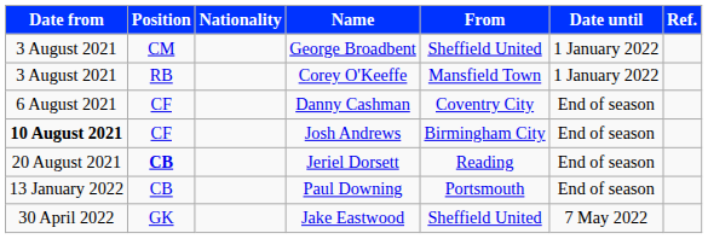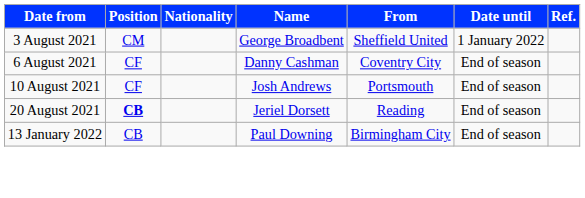 <table class="wikitable"  style="text-align:center; font-size:90%; ">
 <tr>
 <th style="background:#03f;color:#fff;">Date from</th>
 <th style="background:#03f;color:#fff;">Position</th>
 <th style="background:#03f;color:#fff;">Nationality</th>
 <th style="background:#03f;color:#fff;">Name</th>
 <th style="background:#03f;color:#fff;">From</th>
 <th style="background:#03f;color:#fff;">Date until</th>
 <th style="background:#03f;color:#fff;">Ref.</th>
 </tr>
 <tr>
 <td>3 August 2021</td>
 <td><a href='#'>CM</a></td>
 <td></td>
 <td><a href='#'>George Broadbent</a></td>
 <td> <a href='#'>Sheffield United</a></td>
 <td>1 January 2022</td>
 <td></td>
 </tr>
 <tr>
-<td>3 August 2021</td>
-<td><a href='#'>RB</a></td>
-<td></td>
-<td><a href='#'>Corey O'Keeffe</a></td>
-<td> <a href='#'>Mansfield Town</a></td>
-<td>1 January 2022</td>
-<td></td>
-</tr>
-<tr>
 <td>6 August 2021</td>
 <td><a href='#'>CF</a></td>
 <td></td>
 <td><a href='#'>Danny Cashman</a></td>
 <td> <a href='#'>Coventry City</a></td>
 <td>End of season</td>
 <td></td>
 </tr>
 <tr>
-<td><strong>10 August 2021</strong></td>
+<td>10 August 2021</td>
 <td><a href='#'>CF</a></td>
 <td></td>
 <td><a href='#'>Josh Andrews</a></td>
-<td> <a href='#'>Birmingham City</a></td>
+<td> <a href='#'>Portsmouth</a></td>
 <td>End of season</td>
 <td></td>
 </tr>
 <tr>
 <td>20 August 2021</td>
 <td><strong><a href='#'>CB</a></strong></td>
 <td></td>
 <td><a href='#'>Jeriel Dorsett</a></td>
 <td> <a href='#'>Reading</a></td>
 <td>End of season</td>
 <td></td>
 </tr>
 <tr>
 <td>13 January 2022</td>
 <td><a href='#'>CB</a></td>
 <td></td>
 <td><a href='#'>Paul Downing</a></td>
-<td> <a href='#'>Portsmouth</a></td>
+<td> <a href='#'>Birmingham City</a></td>
 <td>End of season</td>
 <td></td>
 </tr>
-<tr>
-<td>30 April 2022</td>
-<td><a href='#'>GK</a></td>
-<td></td>
-<td><a href='#'>Jake Eastwood</a></td>
-<td> <a href='#'>Sheffield United</a></td>
-<td>7 May 2022</td>
-<td></td>
-</tr>
 </table>
